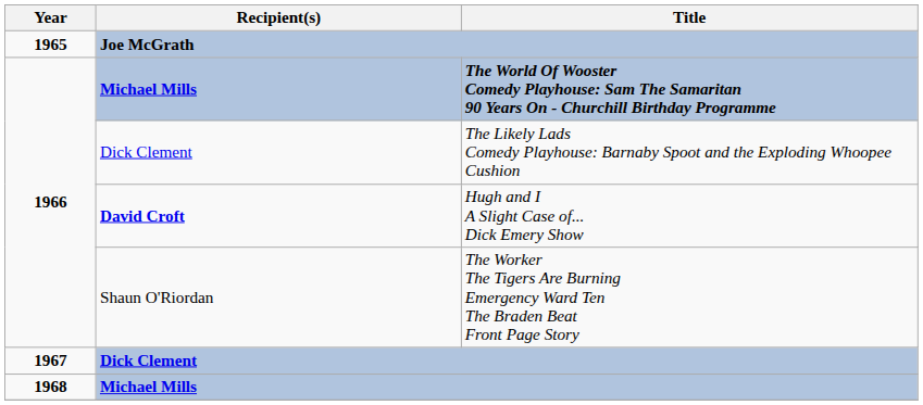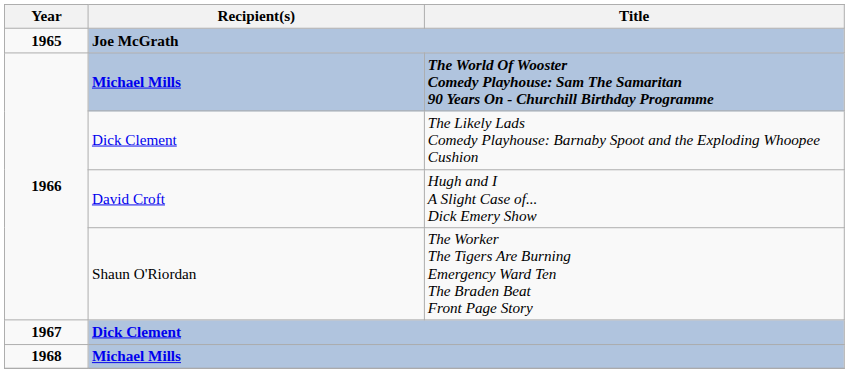 <table class="wikitable" width="70%">
 <tr>
 <th width=5%>Year</th>
 <th width=20%><strong>Recipient(s)</strong></th>
 <th width=25%><strong>Title</strong></th>
 </tr>
 <tr>
 <td style="text-align:center;"><strong>1965</strong></td>
 <td colspan="2" style="background:#B0C4DE;"><strong>Joe McGrath</strong></td>
 </tr>
 <tr>
 <td rowspan="4" style="text-align:center;"><strong>1966</strong></td>
 <td style="background:#B0C4DE;"><strong><a href='#'>Michael Mills</a></strong></td>
 <td style="background:#B0C4DE;"><strong><em>The World Of Wooster<br>Comedy Playhouse: Sam The Samaritan<br>90 Years On - Churchill Birthday Programme</em></strong></td>
 </tr>
 <tr>
 <td><a href='#'>Dick Clement</a></td>
 <td><em>The Likely Lads<br>Comedy Playhouse: Barnaby Spoot and the Exploding Whoopee Cushion</em></td>
 </tr>
 <tr>
-<td><strong><a href='#'>David Croft</a></strong></td>
+<td><a href='#'>David Croft</a></td>
 <td><em>Hugh and I<br>A Slight Case of...<br>Dick Emery Show</em></td>
 </tr>
 <tr>
 <td>Shaun O'Riordan</td>
 <td><em>The Worker<br>The Tigers Are Burning<br>Emergency Ward Ten<br>The Braden Beat<br>Front Page Story</em></td>
 </tr>
 <tr>
 <td style="text-align:center;"><strong>1967</strong></td>
 <td colspan="2" style="background:#B0C4DE;"><strong><a href='#'>Dick Clement</a></strong></td>
 </tr>
 <tr>
 <td style="text-align:center;"><strong>1968</strong></td>
 <td colspan="2" style="background:#B0C4DE;"><strong><a href='#'>Michael Mills</a></strong></td>
 </tr>
 <tr>
 </tr>
 </table>
